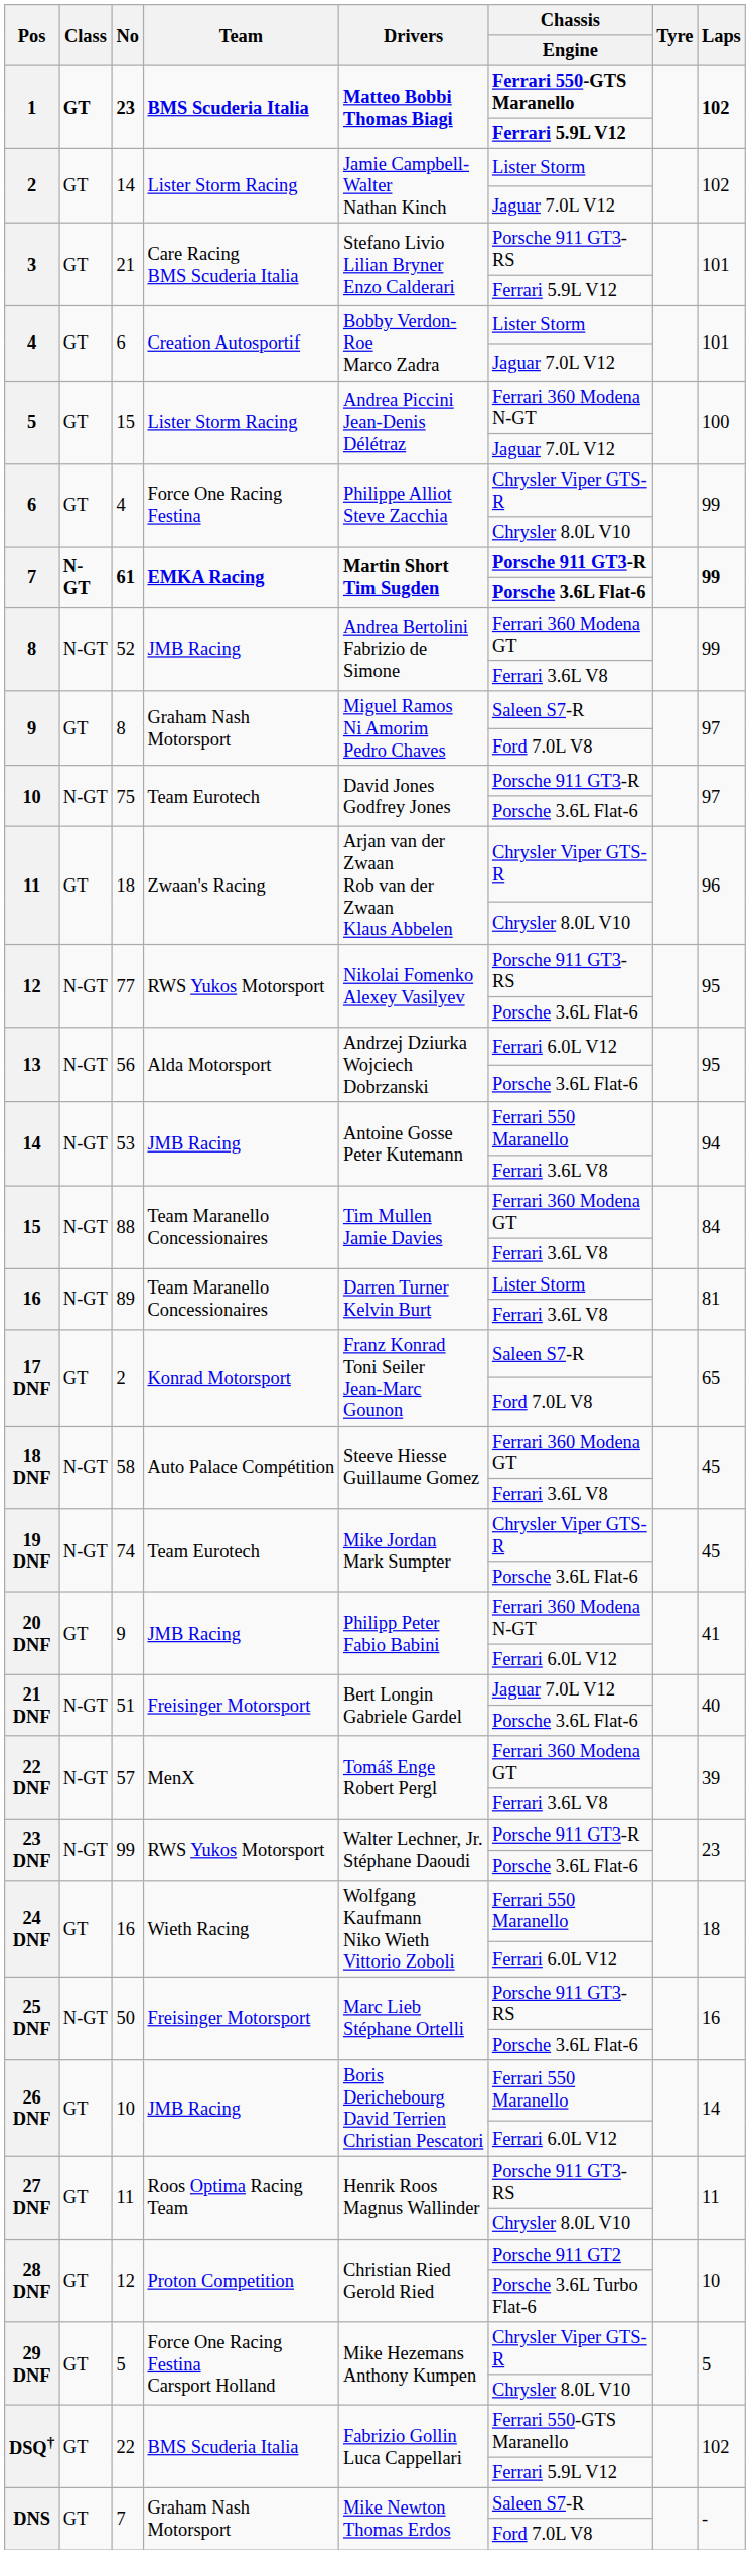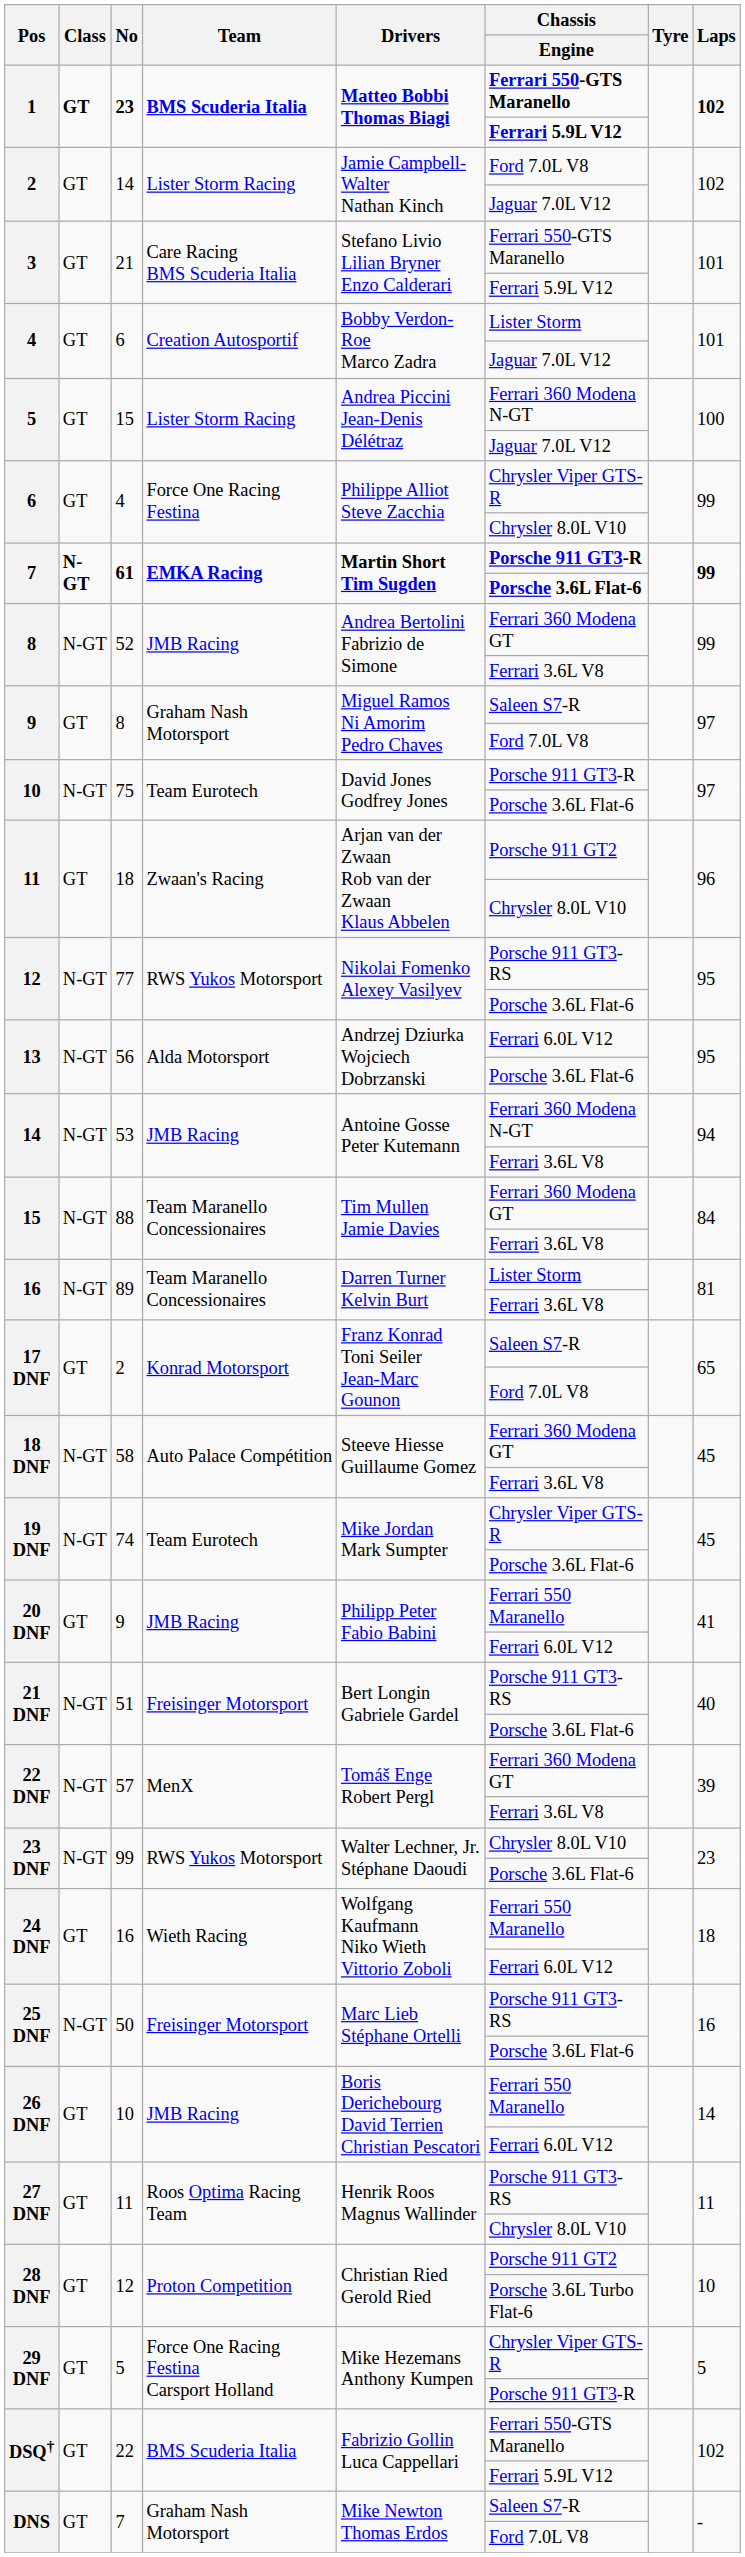 <table class="wikitable" style="font-size: 95%;">
 <tr>
 <th rowspan=2>Pos</th>
 <th rowspan=2>Class</th>
 <th rowspan=2>No</th>
 <th rowspan=2>Team</th>
 <th rowspan=2>Drivers</th>
 <th>Chassis</th>
 <th rowspan=2>Tyre</th>
 <th rowspan=2>Laps</th>
 </tr>
 <tr>
 <th>Engine</th>
 </tr>
 <tr style="font-weight:bold">
 <th rowspan=2>1</th>
 <td rowspan=2>GT</td>
 <td rowspan=2>23</td>
 <td rowspan=2> <a href='#'>BMS Scuderia Italia</a></td>
 <td rowspan=2> <a href='#'>Matteo Bobbi</a><br> <a href='#'>Thomas Biagi</a></td>
 <td><a href='#'>Ferrari 550</a>-GTS Maranello</td>
 <td rowspan=2></td>
 <td rowspan=2>102</td>
 </tr>
 <tr style="font-weight:bold">
 <td><a href='#'>Ferrari</a> 5.9L V12</td>
 </tr>
 <tr>
 <th rowspan=2>2</th>
 <td rowspan=2>GT</td>
 <td rowspan=2>14</td>
 <td rowspan=2> <a href='#'>Lister Storm Racing</a></td>
 <td rowspan=2> <a href='#'>Jamie Campbell-Walter</a><br> Nathan Kinch</td>
-<td><a href='#'>Lister Storm</a></td>
+<td><a href='#'>Ford</a> 7.0L V8</td>
 <td rowspan=2></td>
 <td rowspan=2>102</td>
 </tr>
 <tr>
 <td><a href='#'>Jaguar</a> 7.0L V12</td>
 </tr>
 <tr>
 <th rowspan=2>3</th>
 <td rowspan=2>GT</td>
 <td rowspan=2>21</td>
 <td rowspan=2> Care Racing<br> <a href='#'>BMS Scuderia Italia</a></td>
 <td rowspan=2> Stefano Livio<br> <a href='#'>Lilian Bryner</a><br> <a href='#'>Enzo Calderari</a></td>
-<td><a href='#'>Porsche 911 GT3</a>-RS</td>
+<td><a href='#'>Ferrari 550</a>-GTS Maranello</td>
 <td rowspan=2></td>
 <td rowspan=2>101</td>
 </tr>
 <tr>
 <td><a href='#'>Ferrari</a> 5.9L V12</td>
 </tr>
 <tr>
 <th rowspan=2>4</th>
 <td rowspan=2>GT</td>
 <td rowspan=2>6</td>
 <td rowspan=2> <a href='#'>Creation Autosportif</a></td>
 <td rowspan=2> <a href='#'>Bobby Verdon-Roe</a><br> Marco Zadra</td>
 <td><a href='#'>Lister Storm</a></td>
 <td rowspan=2></td>
 <td rowspan=2>101</td>
 </tr>
 <tr>
 <td><a href='#'>Jaguar</a> 7.0L V12</td>
 </tr>
 <tr>
 <th rowspan=2>5</th>
 <td rowspan=2>GT</td>
 <td rowspan=2>15</td>
 <td rowspan=2> <a href='#'>Lister Storm Racing</a></td>
 <td rowspan=2> <a href='#'>Andrea Piccini</a><br> <a href='#'>Jean-Denis Délétraz</a></td>
 <td><a href='#'>Ferrari 360 Modena</a> N-GT</td>
 <td rowspan=2></td>
 <td rowspan=2>100</td>
 </tr>
 <tr>
 <td><a href='#'>Jaguar</a> 7.0L V12</td>
 </tr>
 <tr>
 <th rowspan=2>6</th>
 <td rowspan=2>GT</td>
 <td rowspan=2>4</td>
 <td rowspan=2> Force One Racing <a href='#'>Festina</a></td>
 <td rowspan=2> <a href='#'>Philippe Alliot</a><br> <a href='#'>Steve Zacchia</a></td>
 <td><a href='#'>Chrysler Viper GTS-R</a></td>
 <td rowspan=2></td>
 <td rowspan=2>99</td>
 </tr>
 <tr>
 <td><a href='#'>Chrysler</a> 8.0L V10</td>
 </tr>
 <tr style="font-weight:bold">
 <th rowspan=2>7</th>
 <td rowspan=2>N-GT</td>
 <td rowspan=2>61</td>
 <td rowspan=2> <a href='#'>EMKA Racing</a></td>
 <td rowspan=2> Martin Short<br> <a href='#'>Tim Sugden</a></td>
 <td><a href='#'>Porsche 911 GT3</a>-R</td>
 <td rowspan=2></td>
 <td rowspan=2>99</td>
 </tr>
 <tr style="font-weight:bold">
 <td><a href='#'>Porsche</a> 3.6L Flat-6</td>
 </tr>
 <tr>
 <th rowspan=2>8</th>
 <td rowspan=2>N-GT</td>
 <td rowspan=2>52</td>
 <td rowspan=2> <a href='#'>JMB Racing</a></td>
 <td rowspan=2> <a href='#'>Andrea Bertolini</a><br> Fabrizio de Simone</td>
 <td><a href='#'>Ferrari 360 Modena</a> GT</td>
 <td rowspan=2></td>
 <td rowspan=2>99</td>
 </tr>
 <tr>
 <td><a href='#'>Ferrari</a> 3.6L V8</td>
 </tr>
 <tr>
 <th rowspan=2>9</th>
 <td rowspan=2>GT</td>
 <td rowspan=2>8</td>
 <td rowspan=2> Graham Nash Motorsport</td>
 <td rowspan=2> <a href='#'>Miguel Ramos</a><br> <a href='#'>Ni Amorim</a><br> <a href='#'>Pedro Chaves</a></td>
 <td><a href='#'>Saleen S7</a>-R</td>
 <td rowspan=2></td>
 <td rowspan=2>97</td>
 </tr>
 <tr>
 <td><a href='#'>Ford</a> 7.0L V8</td>
 </tr>
 <tr>
 <th rowspan=2>10</th>
 <td rowspan=2>N-GT</td>
 <td rowspan=2>75</td>
 <td rowspan=2> Team Eurotech</td>
 <td rowspan=2> David Jones<br> Godfrey Jones</td>
 <td><a href='#'>Porsche 911 GT3</a>-R</td>
 <td rowspan=2></td>
 <td rowspan=2>97</td>
 </tr>
 <tr>
 <td><a href='#'>Porsche</a> 3.6L Flat-6</td>
 </tr>
 <tr>
 <th rowspan=2>11</th>
 <td rowspan=2>GT</td>
 <td rowspan=2>18</td>
 <td rowspan=2> Zwaan's Racing</td>
 <td rowspan=2> Arjan van der Zwaan<br> Rob van der Zwaan<br> <a href='#'>Klaus Abbelen</a></td>
-<td><a href='#'>Chrysler Viper GTS-R</a></td>
+<td><a href='#'>Porsche 911 GT2</a></td>
 <td rowspan=2></td>
 <td rowspan=2>96</td>
 </tr>
 <tr>
 <td><a href='#'>Chrysler</a> 8.0L V10</td>
 </tr>
 <tr>
 <th rowspan=2>12</th>
 <td rowspan=2>N-GT</td>
 <td rowspan=2>77</td>
 <td rowspan=2> RWS <a href='#'>Yukos</a> Motorsport</td>
 <td rowspan=2> <a href='#'>Nikolai Fomenko</a><br> <a href='#'>Alexey Vasilyev</a></td>
 <td><a href='#'>Porsche 911 GT3</a>-RS</td>
 <td rowspan=2></td>
 <td rowspan=2>95</td>
 </tr>
 <tr>
 <td><a href='#'>Porsche</a> 3.6L Flat-6</td>
 </tr>
 <tr>
 <th rowspan=2>13</th>
 <td rowspan=2>N-GT</td>
 <td rowspan=2>56</td>
 <td rowspan=2> Alda Motorsport</td>
 <td rowspan=2> Andrzej Dziurka<br> Wojciech Dobrzanski</td>
 <td><a href='#'>Ferrari</a> 6.0L V12</td>
 <td rowspan=2></td>
 <td rowspan=2>95</td>
 </tr>
 <tr>
 <td><a href='#'>Porsche</a> 3.6L Flat-6</td>
 </tr>
 <tr>
 <th rowspan=2>14</th>
 <td rowspan=2>N-GT</td>
 <td rowspan=2>53</td>
 <td rowspan=2> <a href='#'>JMB Racing</a></td>
 <td rowspan=2> Antoine Gosse<br> Peter Kutemann</td>
-<td><a href='#'>Ferrari 550 Maranello</a></td>
+<td><a href='#'>Ferrari 360 Modena</a> N-GT</td>
 <td rowspan=2></td>
 <td rowspan=2>94</td>
 </tr>
 <tr>
 <td><a href='#'>Ferrari</a> 3.6L V8</td>
 </tr>
 <tr>
 <th rowspan=2>15</th>
 <td rowspan=2>N-GT</td>
 <td rowspan=2>88</td>
 <td rowspan=2> Team Maranello Concessionaires</td>
 <td rowspan=2> <a href='#'>Tim Mullen</a><br> <a href='#'>Jamie Davies</a></td>
 <td><a href='#'>Ferrari 360 Modena</a> GT</td>
 <td rowspan=2></td>
 <td rowspan=2>84</td>
 </tr>
 <tr>
 <td><a href='#'>Ferrari</a> 3.6L V8</td>
 </tr>
 <tr>
 <th rowspan=2>16</th>
 <td rowspan=2>N-GT</td>
 <td rowspan=2>89</td>
 <td rowspan=2> Team Maranello Concessionaires</td>
 <td rowspan=2> <a href='#'>Darren Turner</a><br> <a href='#'>Kelvin Burt</a></td>
 <td><a href='#'>Lister Storm</a></td>
 <td rowspan=2></td>
 <td rowspan=2>81</td>
 </tr>
 <tr>
 <td><a href='#'>Ferrari</a> 3.6L V8</td>
 </tr>
 <tr>
 <th rowspan=2>17<br>DNF</th>
 <td rowspan=2>GT</td>
 <td rowspan=2>2</td>
 <td rowspan=2> <a href='#'>Konrad Motorsport</a></td>
 <td rowspan=2> <a href='#'>Franz Konrad</a><br> Toni Seiler<br> <a href='#'>Jean-Marc Gounon</a></td>
 <td><a href='#'>Saleen S7</a>-R</td>
 <td rowspan=2></td>
 <td rowspan=2>65</td>
 </tr>
 <tr>
 <td><a href='#'>Ford</a> 7.0L V8</td>
 </tr>
 <tr>
 <th rowspan=2>18<br>DNF</th>
 <td rowspan=2>N-GT</td>
 <td rowspan=2>58</td>
 <td rowspan=2> Auto Palace Compétition</td>
 <td rowspan=2> Steeve Hiesse<br> Guillaume Gomez</td>
 <td><a href='#'>Ferrari 360 Modena</a> GT</td>
 <td rowspan=2></td>
 <td rowspan=2>45</td>
 </tr>
 <tr>
 <td><a href='#'>Ferrari</a> 3.6L V8</td>
 </tr>
 <tr>
 <th rowspan=2>19<br>DNF</th>
 <td rowspan=2>N-GT</td>
 <td rowspan=2>74</td>
 <td rowspan=2> Team Eurotech</td>
 <td rowspan=2> <a href='#'>Mike Jordan</a><br> Mark Sumpter</td>
 <td><a href='#'>Chrysler Viper GTS-R</a></td>
 <td rowspan=2></td>
 <td rowspan=2>45</td>
 </tr>
 <tr>
 <td><a href='#'>Porsche</a> 3.6L Flat-6</td>
 </tr>
 <tr>
 <th rowspan=2>20<br>DNF</th>
 <td rowspan=2>GT</td>
 <td rowspan=2>9</td>
 <td rowspan=2> <a href='#'>JMB Racing</a></td>
 <td rowspan=2> <a href='#'>Philipp Peter</a><br> <a href='#'>Fabio Babini</a></td>
-<td><a href='#'>Ferrari 360 Modena</a> N-GT</td>
+<td><a href='#'>Ferrari 550 Maranello</a></td>
 <td rowspan=2></td>
 <td rowspan=2>41</td>
 </tr>
 <tr>
 <td><a href='#'>Ferrari</a> 6.0L V12</td>
 </tr>
 <tr>
 <th rowspan=2>21<br>DNF</th>
 <td rowspan=2>N-GT</td>
 <td rowspan=2>51</td>
 <td rowspan=2> <a href='#'>Freisinger Motorsport</a></td>
 <td rowspan=2> Bert Longin<br> Gabriele Gardel</td>
-<td><a href='#'>Jaguar</a> 7.0L V12</td>
+<td><a href='#'>Porsche 911 GT3</a>-RS</td>
 <td rowspan=2></td>
 <td rowspan=2>40</td>
 </tr>
 <tr>
 <td><a href='#'>Porsche</a> 3.6L Flat-6</td>
 </tr>
 <tr>
 <th rowspan=2>22<br>DNF</th>
 <td rowspan=2>N-GT</td>
 <td rowspan=2>57</td>
 <td rowspan=2> MenX</td>
 <td rowspan=2> <a href='#'>Tomáš Enge</a><br> Robert Pergl</td>
 <td><a href='#'>Ferrari 360 Modena</a> GT</td>
 <td rowspan=2></td>
 <td rowspan=2>39</td>
 </tr>
 <tr>
 <td><a href='#'>Ferrari</a> 3.6L V8</td>
 </tr>
 <tr>
 <th rowspan=2>23<br>DNF</th>
 <td rowspan=2>N-GT</td>
 <td rowspan=2>99</td>
 <td rowspan=2> RWS <a href='#'>Yukos</a> Motorsport</td>
 <td rowspan=2> Walter Lechner, Jr.<br> Stéphane Daoudi</td>
-<td><a href='#'>Porsche 911 GT3</a>-R</td>
+<td><a href='#'>Chrysler</a> 8.0L V10</td>
 <td rowspan=2></td>
 <td rowspan=2>23</td>
 </tr>
 <tr>
 <td><a href='#'>Porsche</a> 3.6L Flat-6</td>
 </tr>
 <tr>
 <th rowspan=2>24<br>DNF</th>
 <td rowspan=2>GT</td>
 <td rowspan=2>16</td>
 <td rowspan=2> Wieth Racing</td>
 <td rowspan=2> Wolfgang Kaufmann<br> Niko Wieth<br> <a href='#'>Vittorio Zoboli</a></td>
 <td><a href='#'>Ferrari 550 Maranello</a></td>
 <td rowspan=2></td>
 <td rowspan=2>18</td>
 </tr>
 <tr>
 <td><a href='#'>Ferrari</a> 6.0L V12</td>
 </tr>
 <tr>
 <th rowspan=2>25<br>DNF</th>
 <td rowspan=2>N-GT</td>
 <td rowspan=2>50</td>
 <td rowspan=2> <a href='#'>Freisinger Motorsport</a></td>
 <td rowspan=2> <a href='#'>Marc Lieb</a><br> <a href='#'>Stéphane Ortelli</a></td>
 <td><a href='#'>Porsche 911 GT3</a>-RS</td>
 <td rowspan=2></td>
 <td rowspan=2>16</td>
 </tr>
 <tr>
 <td><a href='#'>Porsche</a> 3.6L Flat-6</td>
 </tr>
 <tr>
 <th rowspan=2>26<br>DNF</th>
 <td rowspan=2>GT</td>
 <td rowspan=2>10</td>
 <td rowspan=2> <a href='#'>JMB Racing</a></td>
 <td rowspan=2> <a href='#'>Boris Derichebourg</a><br> <a href='#'>David Terrien</a><br> <a href='#'>Christian Pescatori</a></td>
 <td><a href='#'>Ferrari 550 Maranello</a></td>
 <td rowspan=2></td>
 <td rowspan=2>14</td>
 </tr>
 <tr>
 <td><a href='#'>Ferrari</a> 6.0L V12</td>
 </tr>
 <tr>
 <th rowspan=2>27<br>DNF</th>
 <td rowspan=2>GT</td>
 <td rowspan=2>11</td>
 <td rowspan=2> Roos <a href='#'>Optima</a> Racing Team</td>
 <td rowspan=2> Henrik Roos<br> Magnus Wallinder</td>
 <td><a href='#'>Porsche 911 GT3</a>-RS</td>
 <td rowspan=2></td>
 <td rowspan=2>11</td>
 </tr>
 <tr>
 <td><a href='#'>Chrysler</a> 8.0L V10</td>
 </tr>
 <tr>
 <th rowspan=2>28<br>DNF</th>
 <td rowspan=2>GT</td>
 <td rowspan=2>12</td>
 <td rowspan=2> <a href='#'>Proton Competition</a></td>
 <td rowspan=2> Christian Ried<br> Gerold Ried</td>
 <td><a href='#'>Porsche 911 GT2</a></td>
 <td rowspan=2></td>
 <td rowspan=2>10</td>
 </tr>
 <tr>
 <td><a href='#'>Porsche</a> 3.6L Turbo Flat-6</td>
 </tr>
 <tr>
 <th rowspan=2>29<br>DNF</th>
 <td rowspan=2>GT</td>
 <td rowspan=2>5</td>
 <td rowspan=2> Force One Racing <a href='#'>Festina</a><br> Carsport Holland</td>
 <td rowspan=2> Mike Hezemans<br> Anthony Kumpen</td>
 <td><a href='#'>Chrysler Viper GTS-R</a></td>
 <td rowspan=2></td>
 <td rowspan=2>5</td>
 </tr>
 <tr>
-<td><a href='#'>Chrysler</a> 8.0L V10</td>
+<td><a href='#'>Porsche 911 GT3</a>-R</td>
 </tr>
 <tr>
 <th rowspan=2>DSQ<sup>†</sup></th>
 <td rowspan=2>GT</td>
 <td rowspan=2>22</td>
 <td rowspan=2> <a href='#'>BMS Scuderia Italia</a></td>
 <td rowspan=2> <a href='#'>Fabrizio Gollin</a><br> Luca Cappellari</td>
 <td><a href='#'>Ferrari 550</a>-GTS Maranello</td>
 <td rowspan=2></td>
 <td rowspan=2>102</td>
 </tr>
 <tr>
 <td><a href='#'>Ferrari</a> 5.9L V12</td>
 </tr>
 <tr>
 <th rowspan=2>DNS</th>
 <td rowspan=2>GT</td>
 <td rowspan=2>7</td>
 <td rowspan=2> Graham Nash Motorsport</td>
 <td rowspan=2> <a href='#'>Mike Newton</a><br> <a href='#'>Thomas Erdos</a></td>
 <td><a href='#'>Saleen S7</a>-R</td>
 <td rowspan=2></td>
 <td rowspan=2>-</td>
 </tr>
 <tr>
 <td><a href='#'>Ford</a> 7.0L V8</td>
 </tr>
 </table>
